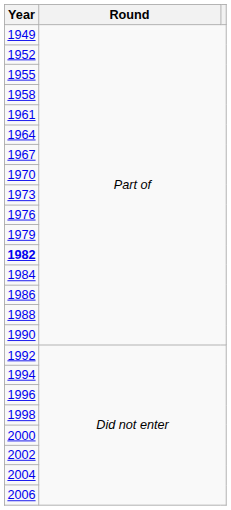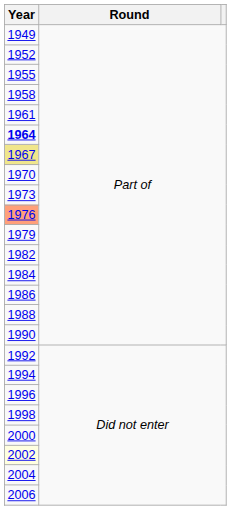 <table class="wikitable" style="text-align: center; font-size:90%">
 <tr>
 <th>Year</th>
 <th style="width:200px">Round</th>
 <th></th>
 </tr>
 <tr>
 <td><a href='#'>1949</a></td>
 <td colspan="2" rowspan="16"><em>Part of </em></td>
 </tr>
 <tr>
 <td><a href='#'>1952</a></td>
 </tr>
 <tr>
 <td><a href='#'>1955</a></td>
 </tr>
 <tr>
 <td><a href='#'>1958</a></td>
 </tr>
 <tr>
 <td><a href='#'>1961</a></td>
 </tr>
 <tr>
-<td><a href='#'>1964</a></td>
+<td><strong><a href='#'>1964</a></strong></td>
 </tr>
 <tr>
-<td><a href='#'>1967</a></td>
+<td style="background: khaki;"><a href='#'>1967</a></td>
 </tr>
 <tr>
 <td><a href='#'>1970</a></td>
 </tr>
 <tr>
 <td><a href='#'>1973</a></td>
 </tr>
 <tr>
-<td><a href='#'>1976</a></td>
+<td style="background: lightsalmon;"><a href='#'>1976</a></td>
 </tr>
 <tr>
 <td><a href='#'>1979</a></td>
 </tr>
 <tr>
-<td><strong><a href='#'>1982</a></strong></td>
+<td><a href='#'>1982</a></td>
 </tr>
 <tr>
 <td><a href='#'>1984</a></td>
 </tr>
 <tr>
 <td><a href='#'>1986</a></td>
 </tr>
 <tr>
 <td><a href='#'>1988</a></td>
 </tr>
 <tr>
 <td><a href='#'>1990</a></td>
 </tr>
 <tr>
 <td><a href='#'>1992</a></td>
 <td colspan="2" rowspan="8"><em>Did not enter</em></td>
 </tr>
 <tr>
 <td><a href='#'>1994</a></td>
 </tr>
 <tr>
 <td><a href='#'>1996</a></td>
 </tr>
 <tr>
 <td><a href='#'>1998</a></td>
 </tr>
 <tr>
 <td><a href='#'>2000</a></td>
 </tr>
 <tr>
-<td><a href='#'>2002</a></td>
+<td style="background: lightyellow;"><a href='#'>2002</a></td>
 </tr>
 <tr>
 <td><a href='#'>2004</a></td>
 </tr>
 <tr>
 <td><a href='#'>2006</a></td>
 </tr>
 </table>
